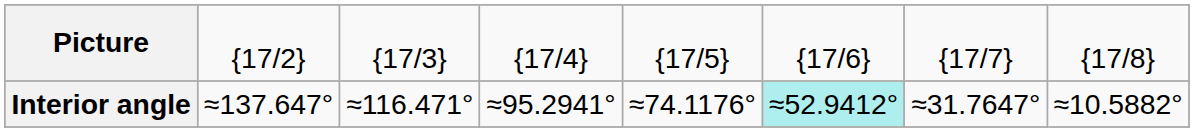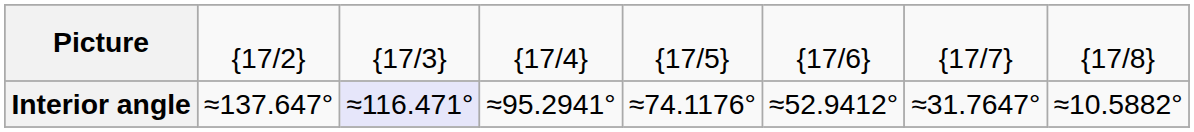 <table class=wikitable>
 <tr align=center>
 <th>Picture</th>
 <td><br>{17/2}</td>
 <td><br>{17/3}</td>
 <td><br>{17/4}</td>
 <td><br>{17/5}</td>
 <td><br>{17/6}</td>
 <td><br>{17/7}</td>
 <td><br>{17/8}</td>
 </tr>
 <tr align=center>
 <th>Interior angle</th>
 <td>≈137.647°</td>
-<td>≈116.471°</td>
+<td style="background: lavender;">≈116.471°</td>
 <td>≈95.2941°</td>
 <td>≈74.1176°</td>
-<td style="background: paleturquoise;">≈52.9412°</td>
+<td>≈52.9412°</td>
 <td>≈31.7647°</td>
 <td>≈10.5882°</td>
 </tr>
 </table>
